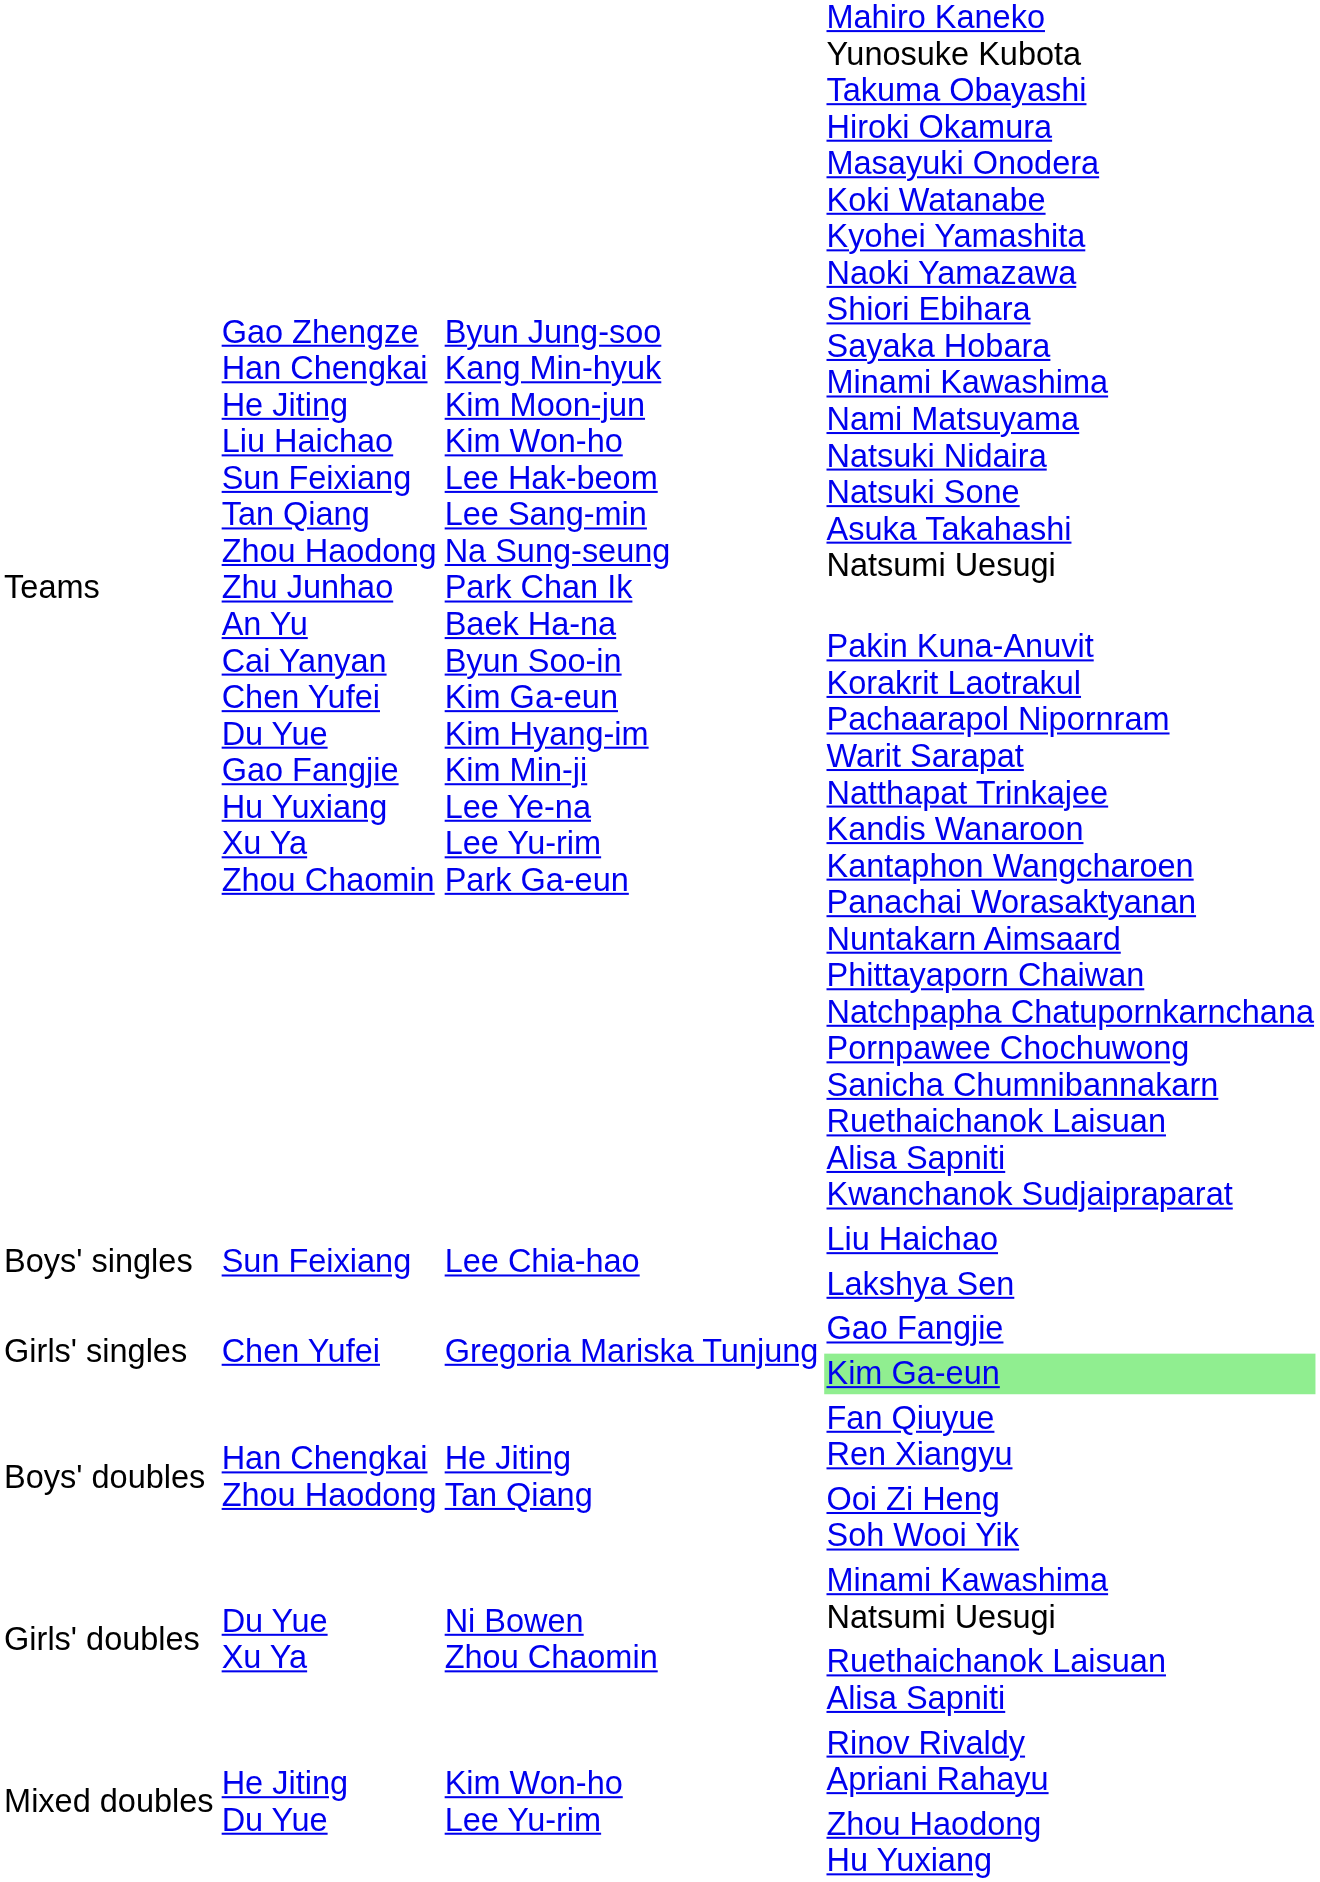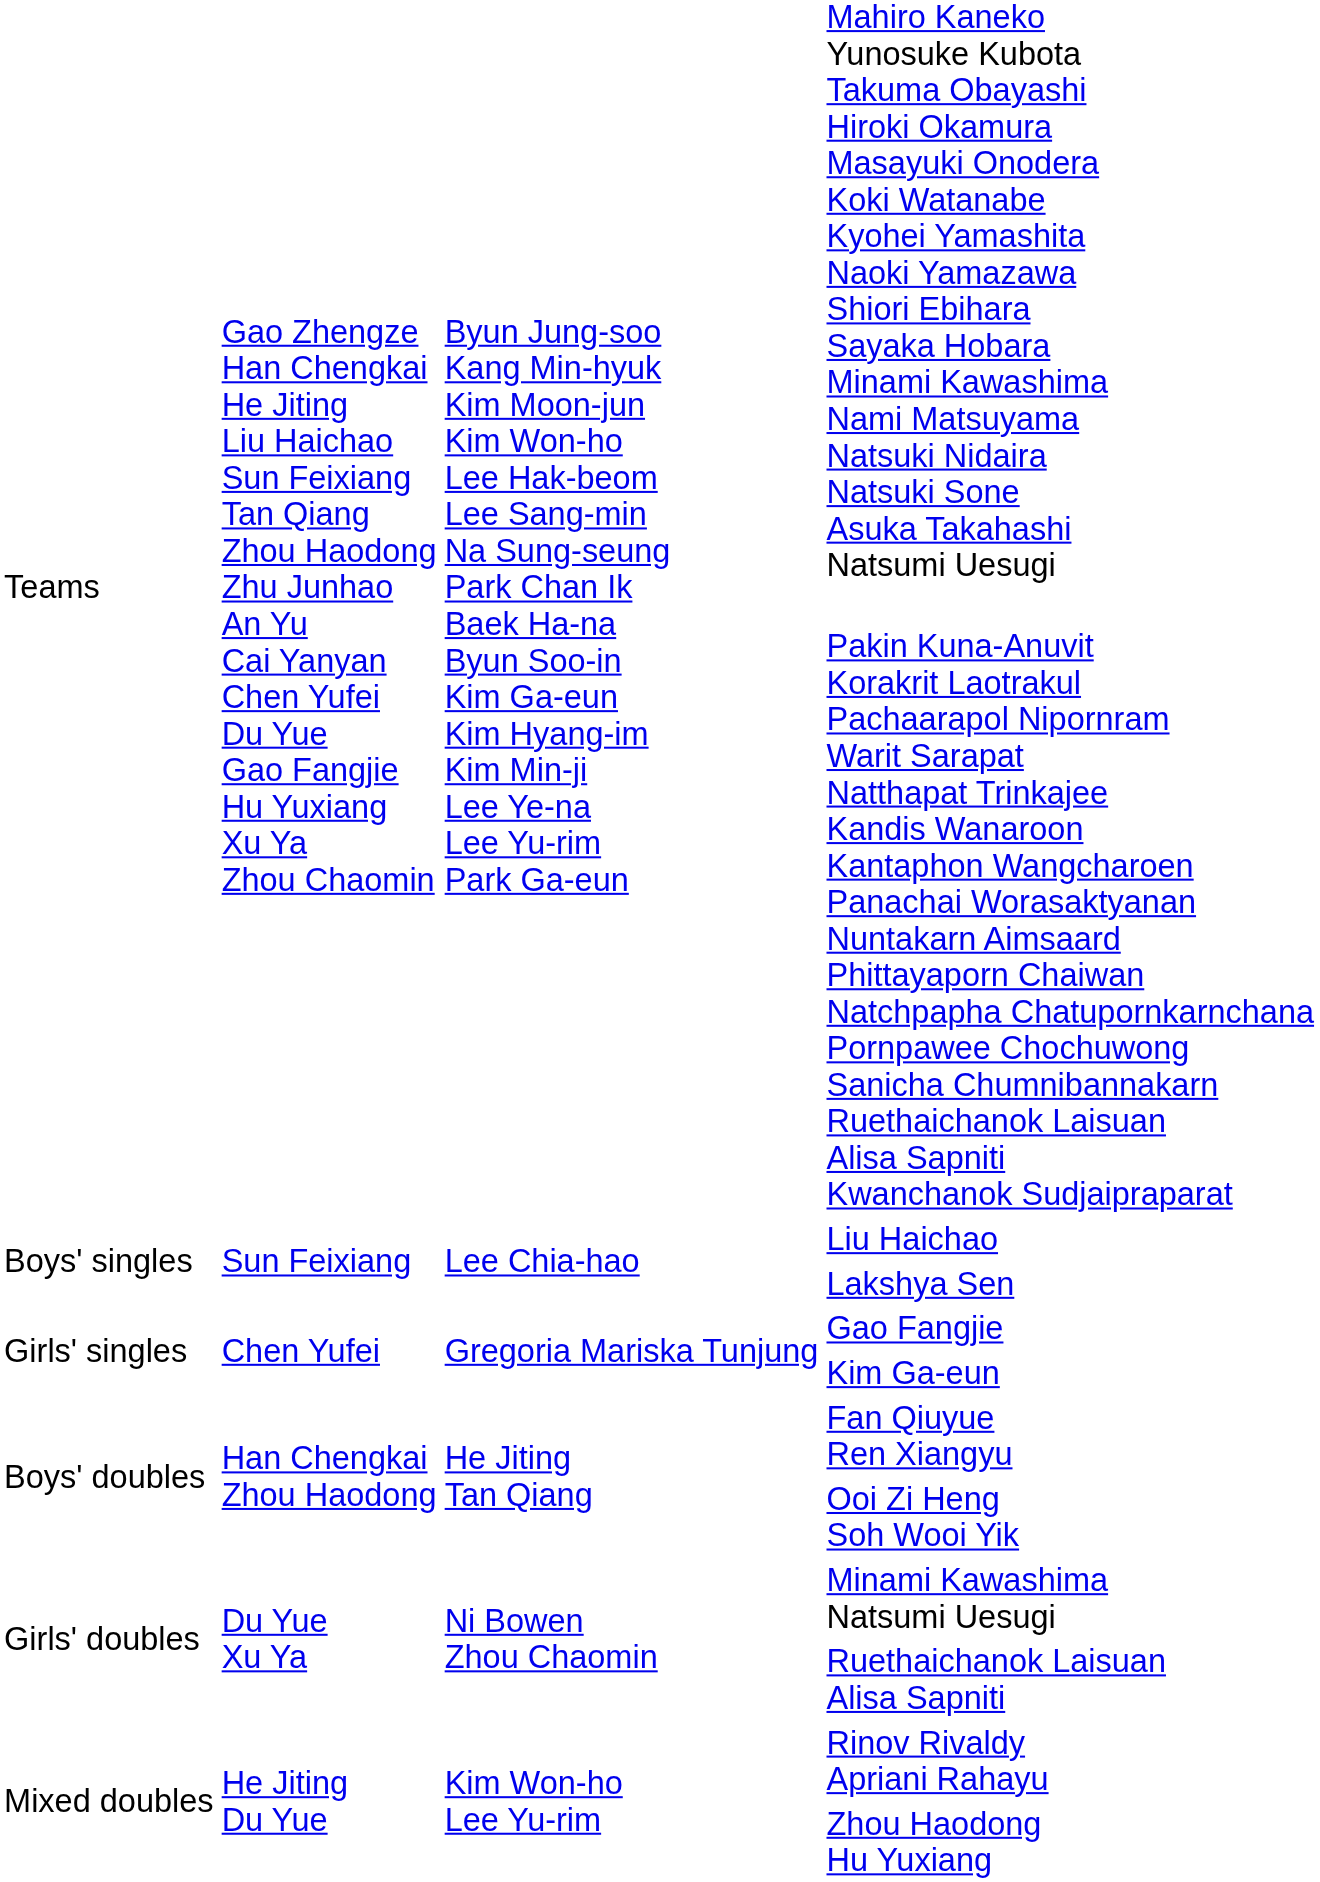 <table>
 <tr>
 <td rowspan=2>Teams<br></td>
 <td rowspan=2> <br> <a href='#'>Gao Zhengze</a><br><a href='#'>Han Chengkai</a><br><a href='#'>He Jiting</a><br><a href='#'>Liu Haichao</a><br><a href='#'>Sun Feixiang</a><br><a href='#'>Tan Qiang</a><br><a href='#'>Zhou Haodong</a><br><a href='#'>Zhu Junhao</a><br><a href='#'>An Yu</a><br><a href='#'>Cai Yanyan</a><br><a href='#'>Chen Yufei</a><br><a href='#'>Du Yue</a><br><a href='#'>Gao Fangjie</a><br><a href='#'>Hu Yuxiang</a><br><a href='#'>Xu Ya</a><br><a href='#'>Zhou Chaomin</a></td>
 <td rowspan=2> <br> <a href='#'>Byun Jung-soo</a><br><a href='#'>Kang Min-hyuk</a><br><a href='#'>Kim Moon-jun</a><br><a href='#'>Kim Won-ho</a><br><a href='#'>Lee Hak-beom</a><br><a href='#'>Lee Sang-min</a><br><a href='#'>Na Sung-seung</a><br><a href='#'>Park Chan Ik</a><br><a href='#'>Baek Ha-na</a><br><a href='#'>Byun Soo-in</a><br><a href='#'>Kim Ga-eun</a><br><a href='#'>Kim Hyang-im</a><br><a href='#'>Kim Min-ji</a><br><a href='#'>Lee Ye-na</a><br><a href='#'>Lee Yu-rim</a><br><a href='#'>Park Ga-eun</a></td>
 <td> <br> <a href='#'>Mahiro Kaneko</a><br>Yunosuke Kubota<br><a href='#'>Takuma Obayashi</a><br><a href='#'>Hiroki Okamura</a><br><a href='#'>Masayuki Onodera</a><br><a href='#'>Koki Watanabe</a><br><a href='#'>Kyohei Yamashita</a><br><a href='#'>Naoki Yamazawa</a><br><a href='#'>Shiori Ebihara</a><br><a href='#'>Sayaka Hobara</a><br><a href='#'>Minami Kawashima</a><br><a href='#'>Nami Matsuyama</a><br><a href='#'>Natsuki Nidaira</a><br><a href='#'>Natsuki Sone</a><br><a href='#'>Asuka Takahashi</a><br>Natsumi Uesugi</td>
 </tr>
 <tr>
 <td> <br> <a href='#'>Pakin Kuna-Anuvit</a><br><a href='#'>Korakrit Laotrakul</a><br><a href='#'>Pachaarapol Nipornram</a><br><a href='#'>Warit Sarapat</a><br><a href='#'>Natthapat Trinkajee</a><br><a href='#'>Kandis Wanaroon</a><br><a href='#'>Kantaphon Wangcharoen</a><br><a href='#'>Panachai Worasaktyanan</a><br><a href='#'>Nuntakarn Aimsaard</a><br><a href='#'>Phittayaporn Chaiwan</a><br><a href='#'>Natchpapha Chatupornkarnchana</a><br><a href='#'>Pornpawee Chochuwong</a><br><a href='#'>Sanicha Chumnibannakarn</a><br><a href='#'>Ruethaichanok Laisuan</a><br><a href='#'>Alisa Sapniti</a><br><a href='#'>Kwanchanok Sudjaipraparat</a></td>
 </tr>
 <tr>
 <td rowspan=2>Boys' singles<br></td>
 <td rowspan=2> <a href='#'>Sun Feixiang</a></td>
 <td rowspan=2> <a href='#'>Lee Chia-hao</a></td>
 <td> <a href='#'>Liu Haichao</a></td>
 </tr>
 <tr>
 <td> <a href='#'>Lakshya Sen</a></td>
 </tr>
 <tr>
 <td rowspan=2>Girls' singles<br></td>
 <td rowspan=2> <a href='#'>Chen Yufei</a></td>
 <td rowspan=2> <a href='#'>Gregoria Mariska Tunjung</a></td>
 <td> <a href='#'>Gao Fangjie</a></td>
 </tr>
 <tr>
-<td style="background: lightgreen;"> <a href='#'>Kim Ga-eun</a></td>
+<td> <a href='#'>Kim Ga-eun</a></td>
 </tr>
 <tr>
 <td rowspan=2>Boys' doubles<br></td>
 <td rowspan=2> <a href='#'>Han Chengkai</a><br> <a href='#'>Zhou Haodong</a></td>
 <td rowspan=2> <a href='#'>He Jiting</a><br> <a href='#'>Tan Qiang</a></td>
 <td> <a href='#'>Fan Qiuyue</a><br> <a href='#'>Ren Xiangyu</a></td>
 </tr>
 <tr>
 <td> <a href='#'>Ooi Zi Heng</a><br> <a href='#'>Soh Wooi Yik</a></td>
 </tr>
 <tr>
 <td rowspan=2>Girls' doubles<br></td>
 <td rowspan=2> <a href='#'>Du Yue</a><br> <a href='#'>Xu Ya</a></td>
 <td rowspan=2> <a href='#'>Ni Bowen</a><br> <a href='#'>Zhou Chaomin</a></td>
 <td> <a href='#'>Minami Kawashima</a><br> Natsumi Uesugi</td>
 </tr>
 <tr>
 <td> <a href='#'>Ruethaichanok Laisuan</a><br> <a href='#'>Alisa Sapniti</a></td>
 </tr>
 <tr>
 <td rowspan=2>Mixed doubles<br></td>
 <td rowspan=2> <a href='#'>He Jiting</a><br> <a href='#'>Du Yue</a></td>
 <td rowspan=2> <a href='#'>Kim Won-ho</a><br> <a href='#'>Lee Yu-rim</a></td>
 <td> <a href='#'>Rinov Rivaldy</a><br> <a href='#'>Apriani Rahayu</a></td>
 </tr>
 <tr>
 <td> <a href='#'>Zhou Haodong</a><br> <a href='#'>Hu Yuxiang</a></td>
 </tr>
 </table>
